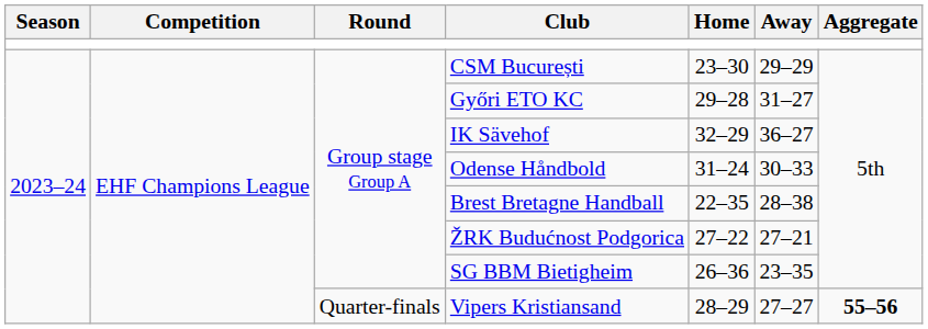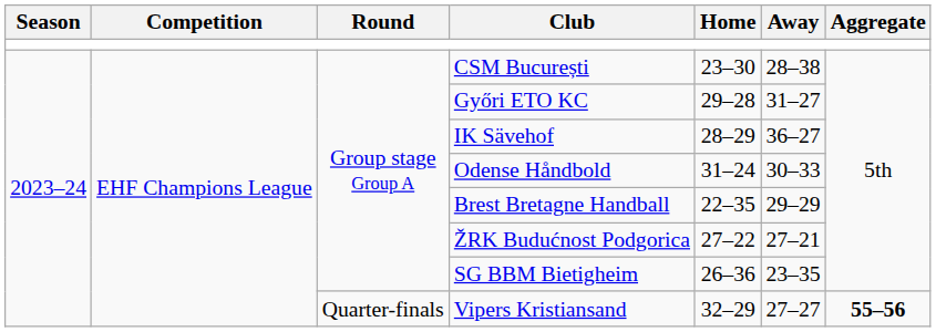 <table class="wikitable" style="text-align: left;">
 <tr>
 <th>Season</th>
 <th>Competition</th>
 <th>Round</th>
 <th>Club</th>
 <th>Home</th>
 <th>Away</th>
 <th>Aggregate</th>
 </tr>
 <tr>
 <td colspan=7 style="text-align: center;" bgcolor=white></td>
 </tr>
 <tr>
 <td rowspan=8><a href='#'>2023–24</a></td>
 <td rowspan=8><a href='#'>EHF Champions League</a></td>
 <td rowspan=7 style="text-align:center;"><a href='#'>Group stage<br><small>Group A</small></a></td>
 <td> <a href='#'>CSM București</a></td>
 <td style="text-align:center;">23–30</td>
-<td style="text-align:center;">29–29</td>
+<td style="text-align:center;">28–38</td>
 <td align=center rowspan=7>5th</td>
 </tr>
 <tr>
 <td> <a href='#'>Győri ETO KC</a></td>
 <td style="text-align:center;">29–28</td>
 <td style="text-align:center;">31–27</td>
 </tr>
 <tr>
 <td> <a href='#'>IK Sävehof</a></td>
-<td style="text-align:center;">32–29</td>
+<td style="text-align:center;">28–29</td>
 <td style="text-align:center;">36–27</td>
 </tr>
 <tr>
 <td> <a href='#'>Odense Håndbold</a></td>
 <td style="text-align:center;">31–24</td>
 <td style="text-align:center;">30–33</td>
 </tr>
 <tr>
 <td> <a href='#'>Brest Bretagne Handball</a></td>
 <td style="text-align:center;">22–35</td>
-<td style="text-align:center;">28–38</td>
+<td style="text-align:center;">29–29</td>
 </tr>
 <tr>
 <td> <a href='#'>ŽRK Budućnost Podgorica</a></td>
 <td style="text-align:center;">27–22</td>
 <td style="text-align:center;">27–21</td>
 </tr>
 <tr>
 <td> <a href='#'>SG BBM Bietigheim</a></td>
 <td style="text-align:center;">26–36</td>
 <td style="text-align:center;">23–35</td>
 </tr>
 <tr>
 <td>Quarter-finals</td>
 <td> <a href='#'>Vipers Kristiansand</a></td>
-<td style="text-align:center;">28–29</td>
+<td style="text-align:center;">32–29</td>
 <td style="text-align:center;">27–27</td>
 <td style="text-align:center;"><strong>55–56</strong></td>
 </tr>
 </table>
